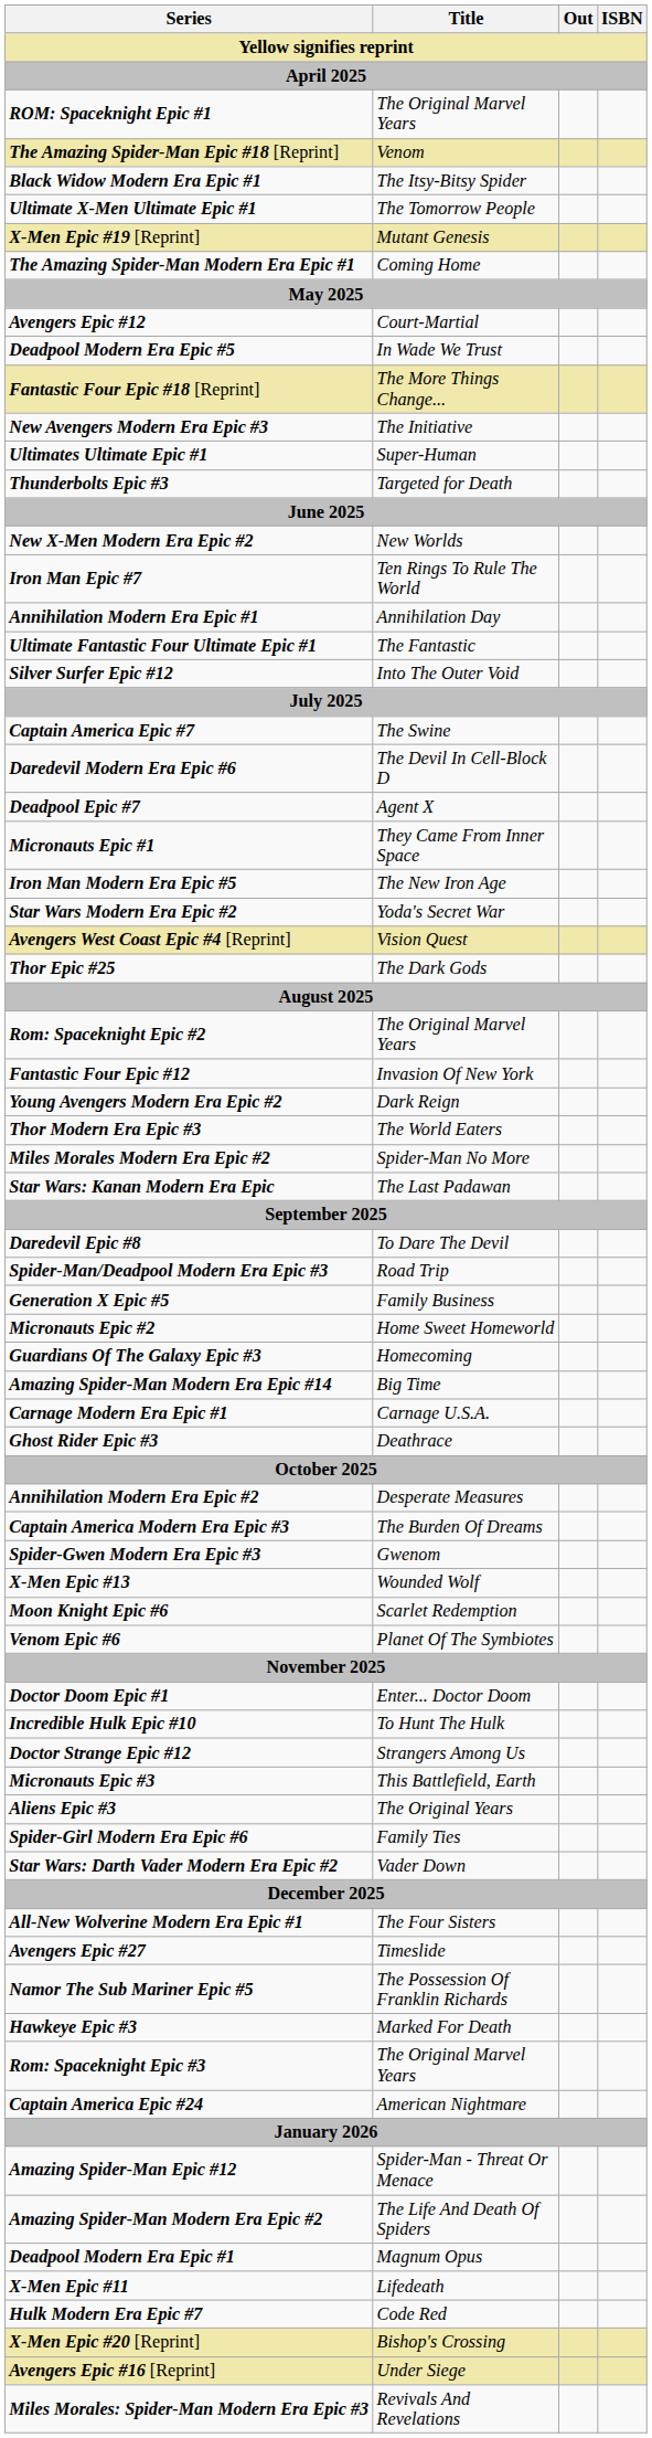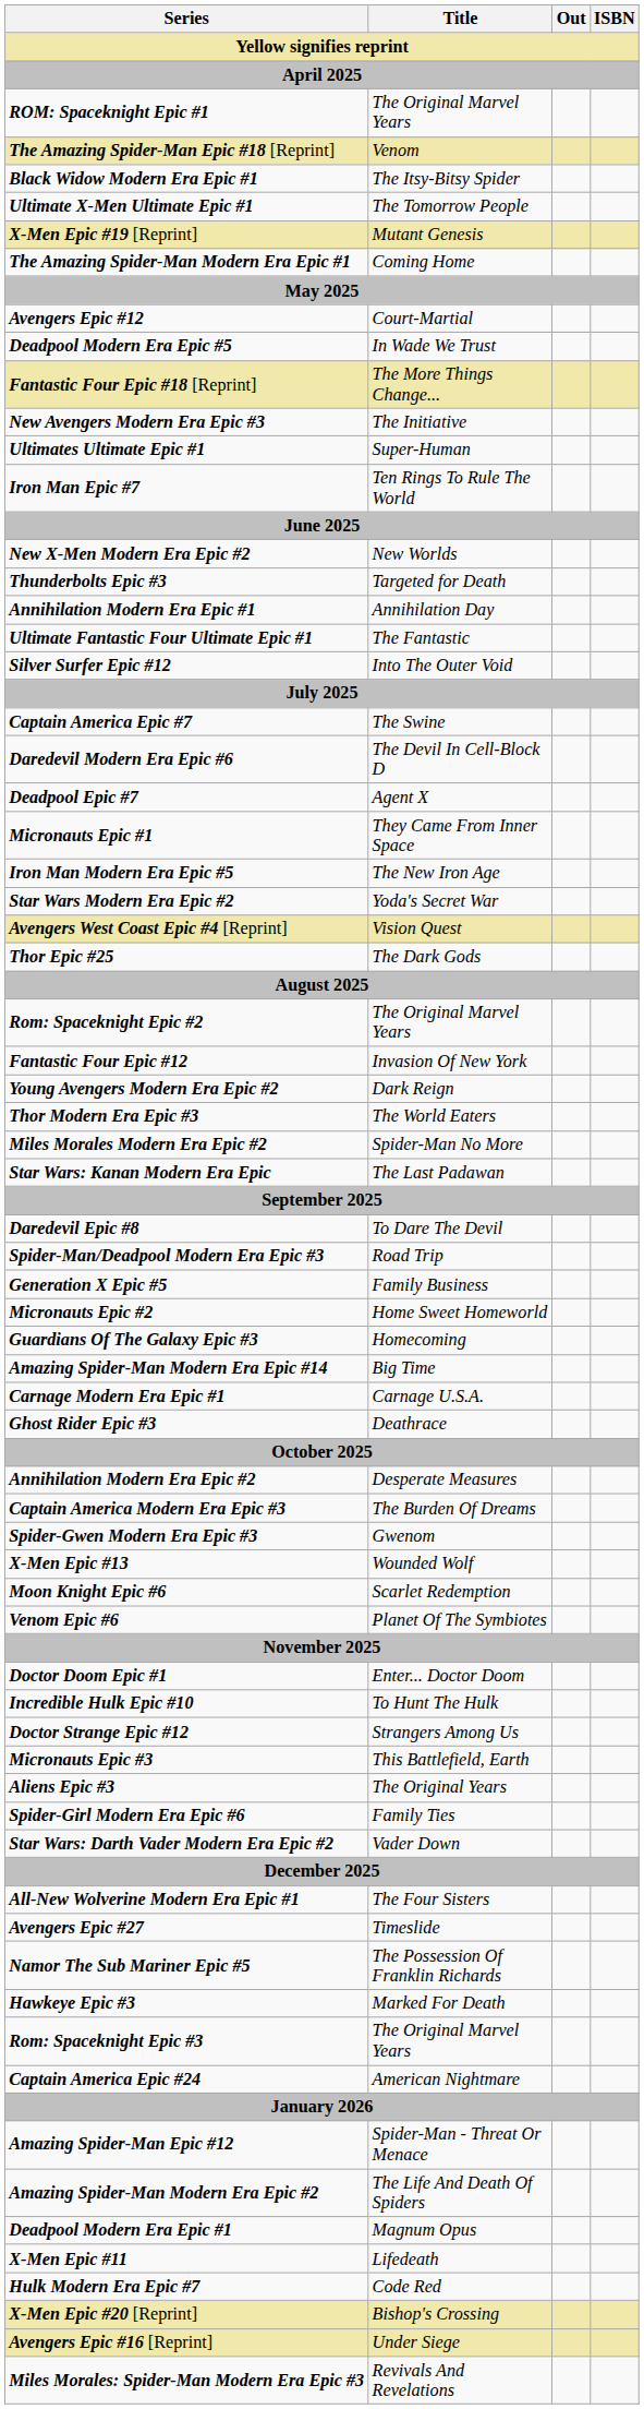 <table class="wikitable sortable">
 <tr>
 <th>Series</th>
 <th class="unsortable" style="width: 10em;">Title</th>
 <th>Out</th>
 <th class="unsortable">ISBN</th>
 </tr>
 <tr>
 <th colspan=4 style="background-color: #F1E9AB;">Yellow signifies reprint</th>
 </tr>
 <tr>
 <th colspan=4 style="background-color: silver;">April 2025</th>
 </tr>
 <tr>
 <td><strong><em>ROM: Spaceknight Epic #1</em></strong></td>
 <td><em>The Original Marvel Years</em></td>
 <td></td>
 <td></td>
 </tr>
 <tr>
 <td style="background-color: #F1E9AB;"><strong><em>The Amazing Spider-Man Epic #18</em></strong> [Reprint]</td>
 <td style="background-color: #F1E9AB;"><em>Venom</em></td>
 <td style="background-color: #F1E9AB;"></td>
 <td style="background-color: #F1E9AB;"></td>
 </tr>
 <tr>
 <td><strong><em>Black Widow Modern Era Epic #1</em></strong></td>
 <td><em>The Itsy-Bitsy Spider</em></td>
 <td></td>
 <td></td>
 </tr>
 <tr>
 <td><strong><em>Ultimate X-Men Ultimate Epic #1</em></strong></td>
 <td><em>The Tomorrow People</em></td>
 <td></td>
 <td></td>
 </tr>
 <tr>
 <td style="background-color: #F1E9AB;"><strong><em>X-Men Epic #19</em></strong> [Reprint]</td>
 <td style="background-color: #F1E9AB;"><em>Mutant Genesis</em></td>
 <td style="background-color: #F1E9AB;"></td>
 <td style="background-color: #F1E9AB;"></td>
 </tr>
 <tr>
 <td><strong><em>The Amazing Spider-Man Modern Era Epic #1</em></strong></td>
 <td><em>Coming Home</em></td>
 <td></td>
 <td></td>
 </tr>
 <tr>
 <th colspan=4 style="background-color: silver;">May 2025</th>
 </tr>
 <tr>
 <td><strong><em>Avengers Epic #12</em></strong></td>
 <td><em>Court-Martial</em></td>
 <td></td>
 <td></td>
 </tr>
 <tr>
 <td><strong><em>Deadpool Modern Era Epic #5</em></strong></td>
 <td><em>In Wade We Trust</em></td>
 <td></td>
 <td></td>
 </tr>
 <tr>
 <td style="background-color: #F1E9AB;"><strong><em>Fantastic Four Epic #18</em></strong> [Reprint]</td>
 <td style="background-color: #F1E9AB;"><em>The More Things Change...</em></td>
 <td style="background-color: #F1E9AB;"></td>
 <td style="background-color: #F1E9AB;"></td>
 </tr>
 <tr>
 <td><strong><em>New Avengers Modern Era Epic #3</em></strong></td>
 <td><em>The Initiative</em></td>
 <td></td>
 <td></td>
 </tr>
 <tr>
 <td><strong><em>Ultimates Ultimate Epic #1</em></strong></td>
 <td><em>Super-Human</em></td>
 <td></td>
 <td></td>
 </tr>
 <tr>
-<td><strong><em>Thunderbolts Epic #3</em></strong></td>
-<td><em>Targeted for Death</em></td>
+<td><strong><em>Iron Man Epic #7</em></strong></td>
+<td><em>Ten Rings To Rule The World</em></td>
 <td></td>
 <td></td>
 </tr>
 <tr>
 <th colspan=4 style="background-color: silver;">June 2025</th>
 </tr>
 <tr>
 <td><strong><em>New X-Men Modern Era Epic #2</em></strong></td>
 <td><em>New Worlds</em></td>
 <td></td>
 <td></td>
 </tr>
 <tr>
-<td><strong><em>Iron Man Epic #7</em></strong></td>
-<td><em>Ten Rings To Rule The World</em></td>
+<td><strong><em>Thunderbolts Epic #3</em></strong></td>
+<td><em>Targeted for Death</em></td>
 <td></td>
 <td></td>
 </tr>
 <tr>
 <td><strong><em>Annihilation Modern Era Epic #1</em></strong></td>
 <td><em>Annihilation Day</em></td>
 <td></td>
 <td></td>
 </tr>
 <tr>
 <td><strong><em>Ultimate Fantastic Four Ultimate Epic #1</em></strong></td>
 <td><em>The Fantastic</em></td>
 <td></td>
 <td></td>
 </tr>
 <tr>
 <td><strong><em>Silver Surfer Epic #12</em></strong></td>
 <td><em>Into The Outer Void</em></td>
 <td></td>
 <td></td>
 </tr>
 <tr>
 <th colspan=4 style="background-color: silver;">July 2025</th>
 </tr>
 <tr>
 <td><strong><em>Captain America Epic #7</em></strong></td>
 <td><em>The Swine</em></td>
 <td></td>
 <td></td>
 </tr>
 <tr>
 <td><strong><em>Daredevil Modern Era Epic #6</em></strong></td>
 <td><em>The Devil In Cell-Block D</em></td>
 <td></td>
 <td></td>
 </tr>
 <tr>
 <td><strong><em>Deadpool Epic #7</em></strong></td>
 <td><em>Agent X</em></td>
 <td></td>
 <td></td>
 </tr>
 <tr>
 <td><strong><em>Micronauts Epic #1</em></strong></td>
 <td><em>They Came From Inner Space</em></td>
 <td></td>
 <td></td>
 </tr>
 <tr>
 <td><strong><em>Iron Man Modern Era Epic #5</em></strong></td>
 <td><em>The New Iron Age</em></td>
 <td></td>
 <td></td>
 </tr>
 <tr>
 <td><strong><em>Star Wars Modern Era Epic #2</em></strong></td>
 <td><em>Yoda's Secret War</em></td>
 <td></td>
 <td></td>
 </tr>
 <tr>
 <td style="background-color: #F1E9AB;"><strong><em>Avengers West Coast Epic #4</em></strong> [Reprint]</td>
 <td style="background-color: #F1E9AB;"><em>Vision Quest</em></td>
 <td style="background-color: #F1E9AB;"></td>
 <td style="background-color: #F1E9AB;"></td>
 </tr>
 <tr>
 <td><strong><em>Thor Epic #25</em></strong></td>
 <td><em>The Dark Gods</em></td>
 <td></td>
 <td></td>
 </tr>
 <tr>
 <th colspan=4 style="background-color: silver;">August 2025</th>
 </tr>
 <tr>
 <td><strong><em>Rom: Spaceknight Epic #2</em></strong></td>
 <td><em>The Original Marvel Years</em></td>
 <td></td>
 <td></td>
 </tr>
 <tr>
 <td><strong><em>Fantastic Four Epic #12</em></strong></td>
 <td><em>Invasion Of New York</em></td>
 <td></td>
 <td></td>
 </tr>
 <tr>
 <td><strong><em>Young Avengers Modern Era Epic #2</em></strong></td>
 <td><em>Dark Reign</em></td>
 <td></td>
 <td></td>
 </tr>
 <tr>
 <td><strong><em>Thor Modern Era Epic #3</em></strong></td>
 <td><em>The World Eaters</em></td>
 <td></td>
 <td></td>
 </tr>
 <tr>
 <td><strong><em>Miles Morales Modern Era Epic #2</em></strong></td>
 <td><em>Spider-Man No More</em></td>
 <td></td>
 <td></td>
 </tr>
 <tr>
 <td><strong><em>Star Wars: Kanan Modern Era Epic</em></strong></td>
 <td><em>The Last Padawan</em></td>
 <td></td>
 <td></td>
 </tr>
 <tr>
 <th colspan=4 style="background-color: silver;">September 2025</th>
 </tr>
 <tr>
 <td><strong><em>Daredevil Epic #8</em></strong></td>
 <td><em>To Dare The Devil</em></td>
 <td></td>
 <td></td>
 </tr>
 <tr>
 <td><strong><em>Spider-Man/Deadpool Modern Era Epic #3</em></strong></td>
 <td><em>Road Trip</em></td>
 <td></td>
 <td></td>
 </tr>
 <tr>
 <td><strong><em>Generation X Epic #5</em></strong></td>
 <td><em>Family Business</em></td>
 <td></td>
 <td></td>
 </tr>
 <tr>
 <td><strong><em>Micronauts Epic #2</em></strong></td>
 <td><em>Home Sweet Homeworld</em></td>
 <td></td>
 <td></td>
 </tr>
 <tr>
 <td><strong><em>Guardians Of The Galaxy Epic #3</em></strong></td>
 <td><em>Homecoming</em></td>
 <td></td>
 <td></td>
 </tr>
 <tr>
 <td><strong><em>Amazing Spider-Man Modern Era Epic #14</em></strong></td>
 <td><em>Big Time</em></td>
 <td></td>
 <td></td>
 </tr>
 <tr>
 <td><strong><em>Carnage Modern Era Epic #1</em></strong></td>
 <td><em>Carnage U.S.A.</em></td>
 <td></td>
 <td></td>
 </tr>
 <tr>
 <td><strong><em>Ghost Rider Epic #3</em></strong></td>
 <td><em>Deathrace</em></td>
 <td></td>
 <td></td>
 </tr>
 <tr>
 <th colspan=4 style="background-color: silver;">October 2025</th>
 </tr>
 <tr>
 <td><strong><em>Annihilation Modern Era Epic #2</em></strong></td>
 <td><em>Desperate Measures</em></td>
 <td></td>
 <td></td>
 </tr>
 <tr>
 <td><strong><em>Captain America Modern Era Epic #3</em></strong></td>
 <td><em>The Burden Of Dreams</em></td>
 <td></td>
 <td></td>
 </tr>
 <tr>
 <td><strong><em>Spider-Gwen Modern Era Epic #3</em></strong></td>
 <td><em>Gwenom</em></td>
 <td></td>
 <td></td>
 </tr>
 <tr>
 <td><strong><em>X-Men Epic #13</em></strong></td>
 <td><em>Wounded Wolf</em></td>
 <td></td>
 <td></td>
 </tr>
 <tr>
 <td><strong><em>Moon Knight Epic #6</em></strong></td>
 <td><em>Scarlet Redemption</em></td>
 <td></td>
 <td></td>
 </tr>
 <tr>
 <td><strong><em>Venom Epic #6</em></strong></td>
 <td><em>Planet Of The Symbiotes</em></td>
 <td></td>
 <td></td>
 </tr>
 <tr>
 <th colspan=4 style="background-color: silver;">November 2025</th>
 </tr>
 <tr>
 <td><strong><em>Doctor Doom Epic #1</em></strong></td>
 <td><em>Enter... Doctor Doom</em></td>
 <td></td>
 <td></td>
 </tr>
 <tr>
 <td><strong><em>Incredible Hulk Epic #10</em></strong></td>
 <td><em>To Hunt The Hulk</em></td>
 <td></td>
 <td></td>
 </tr>
 <tr>
 <td><strong><em>Doctor Strange Epic #12</em></strong></td>
 <td><em>Strangers Among Us</em></td>
 <td></td>
 <td></td>
 </tr>
 <tr>
 <td><strong><em>Micronauts Epic #3</em></strong></td>
 <td><em>This Battlefield, Earth</em></td>
 <td></td>
 <td></td>
 </tr>
 <tr>
 <td><strong><em>Aliens Epic #3</em></strong></td>
 <td><em>The Original Years</em></td>
 <td></td>
 <td></td>
 </tr>
 <tr>
 <td><strong><em>Spider-Girl Modern Era Epic #6</em></strong></td>
 <td><em>Family Ties</em></td>
 <td></td>
 <td></td>
 </tr>
 <tr>
 <td><strong><em>Star Wars: Darth Vader Modern Era Epic #2</em></strong></td>
 <td><em>Vader Down</em></td>
 <td></td>
 <td></td>
 </tr>
 <tr>
 <th colspan=4 style="background-color: silver;">December 2025</th>
 </tr>
 <tr>
 <td><strong><em>All-New Wolverine Modern Era Epic #1</em></strong></td>
 <td><em>The Four Sisters</em></td>
 <td></td>
 <td></td>
 </tr>
 <tr>
 <td><strong><em>Avengers Epic #27</em></strong></td>
 <td><em>Timeslide</em></td>
 <td></td>
 <td></td>
 </tr>
 <tr>
 <td><strong><em>Namor The Sub Mariner Epic #5</em></strong></td>
 <td><em>The Possession Of Franklin Richards</em></td>
 <td></td>
 <td></td>
 </tr>
 <tr>
 <td><strong><em>Hawkeye Epic #3</em></strong></td>
 <td><em>Marked For Death</em></td>
 <td></td>
 <td></td>
 </tr>
 <tr>
 <td><strong><em>Rom: Spaceknight Epic #3</em></strong></td>
 <td><em>The Original Marvel Years</em></td>
 <td></td>
 <td></td>
 </tr>
 <tr>
 <td><strong><em>Captain America Epic #24</em></strong></td>
 <td><em>American Nightmare</em></td>
 <td></td>
 <td></td>
 </tr>
 <tr>
 <th colspan=4 style="background-color: silver;">January 2026</th>
 </tr>
 <tr>
 <td><strong><em>Amazing Spider-Man Epic #12</em></strong></td>
 <td><em>Spider-Man - Threat Or Menace</em></td>
 <td></td>
 <td></td>
 </tr>
 <tr>
 <td><strong><em>Amazing Spider-Man Modern Era Epic #2</em></strong></td>
 <td><em>The Life And Death Of Spiders</em></td>
 <td></td>
 <td></td>
 </tr>
 <tr>
 <td><strong><em>Deadpool Modern Era Epic #1</em></strong></td>
 <td><em>Magnum Opus</em></td>
 <td></td>
 <td></td>
 </tr>
 <tr>
 <td><strong><em>X-Men Epic #11</em></strong></td>
 <td><em>Lifedeath</em></td>
 <td></td>
 <td></td>
 </tr>
 <tr>
 <td><strong><em>Hulk Modern Era Epic #7</em></strong></td>
 <td><em>Code Red</em></td>
 <td></td>
 <td></td>
 </tr>
 <tr>
 <td style="background-color: #F1E9AB;"><strong><em>X-Men Epic #20</em></strong> [Reprint]</td>
 <td style="background-color: #F1E9AB;"><em>Bishop's Crossing</em></td>
 <td style="background-color: #F1E9AB;"></td>
 <td style="background-color: #F1E9AB;"></td>
 </tr>
 <tr>
 <td style="background-color: #F1E9AB;"><strong><em>Avengers Epic #16</em></strong> [Reprint]</td>
 <td style="background-color: #F1E9AB;"><em>Under Siege</em></td>
 <td style="background-color: #F1E9AB;"></td>
 <td style="background-color: #F1E9AB;"></td>
 </tr>
 <tr>
 <td><strong><em>Miles Morales: Spider-Man Modern Era Epic #3</em></strong></td>
 <td><em>Revivals And Revelations</em></td>
 <td></td>
 <td></td>
 </tr>
 </table>
